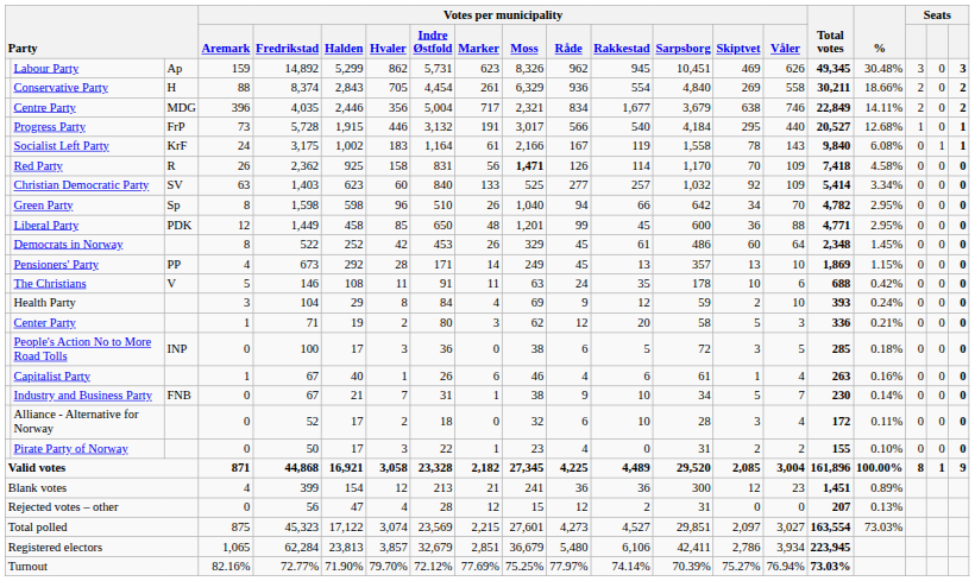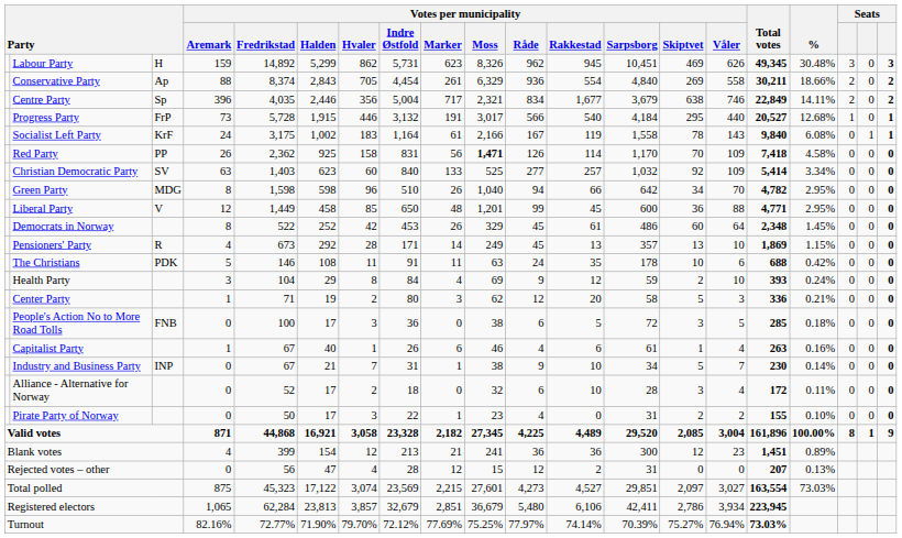 <table class="wikitable" border="1" style="text-align:right;">
 <tr>
 <th style="text-align:left;" valign=bottom rowspan=2 colspan=3>Party</th>
 <th colspan=12>Votes per municipality</th>
 <th align=center valign=bottom rowspan=2 width="50">Total<br>votes</th>
 <th align=center valign=bottom rowspan=2 width="50">%</th>
 <th colspan=3>Seats</th>
 </tr>
 <tr>
 <th align=center valign=bottom width="50"><a href='#'>Aremark</a></th>
 <th align=center valign=bottom width="50"><a href='#'>Fredrikstad</a></th>
 <th align=center valign=bottom width="50"><a href='#'>Halden</a></th>
 <th align=center valign=bottom width="50"><a href='#'>Hvaler</a></th>
 <th align=center valign=bottom width="50"><a href='#'>Indre<br>Østfold</a></th>
 <th align=center valign=bottom width="50"><a href='#'>Marker</a></th>
 <th align=center valign=bottom width="50"><a href='#'>Moss</a></th>
 <th align=center valign=bottom width="50"><a href='#'>Råde</a></th>
 <th align=center valign=bottom width="50"><a href='#'>Rakkestad</a></th>
 <th align=center valign=bottom width="50"><a href='#'>Sarpsborg</a></th>
 <th align=center valign=bottom width="50"><a href='#'>Skiptvet</a></th>
 <th align=center valign=bottom width="50"><a href='#'>Våler</a></th>
 <th align=center valign=bottom width="20"><small></small></th>
 <th align=center valign=bottom width="20"><small><a href='#'></a></small></th>
 <th align=center valign=bottom width="20"><small></small></th>
 </tr>
 <tr>
 <td style="color:inherit;background:"></td>
 <td align=left><a href='#'>Labour Party</a></td>
-<td align=left>Ap</td>
+<td align=left>H</td>
 <td>159</td>
 <td>14,892</td>
 <td>5,299</td>
 <td>862</td>
 <td>5,731</td>
 <td>623</td>
 <td>8,326</td>
 <td>962</td>
 <td>945</td>
 <td>10,451</td>
 <td>469</td>
 <td>626</td>
 <td><strong>49,345</strong></td>
 <td>30.48%</td>
 <td>3</td>
 <td>0</td>
 <td><strong>3</strong></td>
 </tr>
 <tr>
 <td style="color:inherit;background:"></td>
 <td align=left><a href='#'>Conservative Party</a></td>
-<td align=left>H</td>
+<td align=left>Ap</td>
 <td>88</td>
 <td>8,374</td>
 <td>2,843</td>
 <td>705</td>
 <td>4,454</td>
 <td>261</td>
 <td>6,329</td>
 <td>936</td>
 <td>554</td>
 <td>4,840</td>
 <td>269</td>
 <td>558</td>
 <td><strong>30,211</strong></td>
 <td>18.66%</td>
 <td>2</td>
 <td>0</td>
 <td><strong>2</strong></td>
 </tr>
 <tr>
 <td style="color:inherit;background:"></td>
 <td align=left><a href='#'>Centre Party</a></td>
-<td align=left>MDG</td>
+<td align=left>Sp</td>
 <td>396</td>
 <td>4,035</td>
 <td>2,446</td>
 <td>356</td>
 <td>5,004</td>
 <td>717</td>
 <td>2,321</td>
 <td>834</td>
 <td>1,677</td>
 <td>3,679</td>
 <td>638</td>
 <td>746</td>
 <td><strong>22,849</strong></td>
 <td>14.11%</td>
 <td>2</td>
 <td>0</td>
 <td><strong>2</strong></td>
 </tr>
 <tr>
 <td style="color:inherit;background:"></td>
 <td align=left><a href='#'>Progress Party</a></td>
 <td align=left>FrP</td>
 <td>73</td>
 <td>5,728</td>
 <td>1,915</td>
 <td>446</td>
 <td>3,132</td>
 <td>191</td>
 <td>3,017</td>
 <td>566</td>
 <td>540</td>
 <td>4,184</td>
 <td>295</td>
 <td>440</td>
 <td><strong>20,527</strong></td>
 <td>12.68%</td>
 <td>1</td>
 <td>0</td>
 <td><strong>1</strong></td>
 </tr>
 <tr>
 <td style="color:inherit;background:"></td>
 <td align=left><a href='#'>Socialist Left Party</a></td>
 <td align=left>KrF</td>
 <td>24</td>
 <td>3,175</td>
 <td>1,002</td>
 <td>183</td>
 <td>1,164</td>
 <td>61</td>
 <td>2,166</td>
 <td>167</td>
 <td>119</td>
 <td>1,558</td>
 <td>78</td>
 <td>143</td>
 <td><strong>9,840</strong></td>
 <td>6.08%</td>
 <td>0</td>
 <td>1</td>
 <td><strong>1</strong></td>
 </tr>
 <tr>
 <td style="color:inherit;background:"></td>
 <td align=left><a href='#'>Red Party</a></td>
-<td align=left>R</td>
+<td align=left>PP</td>
 <td>26</td>
 <td>2,362</td>
 <td>925</td>
 <td>158</td>
 <td>831</td>
 <td>56</td>
 <td><strong>1,471</strong></td>
 <td>126</td>
 <td>114</td>
 <td>1,170</td>
 <td>70</td>
 <td>109</td>
 <td><strong>7,418</strong></td>
 <td>4.58%</td>
 <td>0</td>
 <td>0</td>
 <td><strong>0</strong></td>
 </tr>
 <tr>
 <td style="color:inherit;background:"></td>
 <td align=left><a href='#'>Christian Democratic Party</a></td>
 <td align=left>SV</td>
 <td>63</td>
 <td>1,403</td>
 <td>623</td>
 <td>60</td>
 <td>840</td>
 <td>133</td>
 <td>525</td>
 <td>277</td>
 <td>257</td>
 <td>1,032</td>
 <td>92</td>
 <td>109</td>
 <td><strong>5,414</strong></td>
 <td>3.34%</td>
 <td>0</td>
 <td>0</td>
 <td><strong>0</strong></td>
 </tr>
 <tr>
 <td style="color:inherit;background:"></td>
 <td align=left><a href='#'>Green Party</a></td>
-<td align=left>Sp</td>
+<td align=left>MDG</td>
 <td>8</td>
 <td>1,598</td>
 <td>598</td>
 <td>96</td>
 <td>510</td>
 <td>26</td>
 <td>1,040</td>
 <td>94</td>
 <td>66</td>
 <td>642</td>
 <td>34</td>
 <td>70</td>
 <td><strong>4,782</strong></td>
 <td>2.95%</td>
 <td>0</td>
 <td>0</td>
 <td><strong>0</strong></td>
 </tr>
 <tr>
 <td style="color:inherit;background:"></td>
 <td align=left><a href='#'>Liberal Party</a></td>
-<td align=left>PDK</td>
+<td align=left>V</td>
 <td>12</td>
 <td>1,449</td>
 <td>458</td>
 <td>85</td>
 <td>650</td>
 <td>48</td>
 <td>1,201</td>
 <td>99</td>
 <td>45</td>
 <td>600</td>
 <td>36</td>
 <td>88</td>
 <td><strong>4,771</strong></td>
 <td>2.95%</td>
 <td>0</td>
 <td>0</td>
 <td><strong>0</strong></td>
 </tr>
 <tr>
 <td style="color:inherit;background:"></td>
 <td align=left><a href='#'>Democrats in Norway</a></td>
 <td align=left></td>
 <td>8</td>
 <td>522</td>
 <td>252</td>
 <td>42</td>
 <td>453</td>
 <td>26</td>
 <td>329</td>
 <td>45</td>
 <td>61</td>
 <td>486</td>
 <td>60</td>
 <td>64</td>
 <td><strong>2,348</strong></td>
 <td>1.45%</td>
 <td>0</td>
 <td>0</td>
 <td><strong>0</strong></td>
 </tr>
 <tr>
 <td style="color:inherit;background:"></td>
 <td align=left><a href='#'>Pensioners' Party</a></td>
-<td align=left>PP</td>
+<td align=left>R</td>
 <td>4</td>
 <td>673</td>
 <td>292</td>
 <td>28</td>
 <td>171</td>
 <td>14</td>
 <td>249</td>
 <td>45</td>
 <td>13</td>
 <td>357</td>
 <td>13</td>
 <td>10</td>
 <td><strong>1,869</strong></td>
 <td>1.15%</td>
 <td>0</td>
 <td>0</td>
 <td><strong>0</strong></td>
 </tr>
 <tr>
 <td style="color:inherit;background:"></td>
 <td align=left><a href='#'>The Christians</a></td>
-<td align=left>V</td>
+<td align=left>PDK</td>
 <td>5</td>
 <td>146</td>
 <td>108</td>
 <td>11</td>
 <td>91</td>
 <td>11</td>
 <td>63</td>
 <td>24</td>
 <td>35</td>
 <td>178</td>
 <td>10</td>
 <td>6</td>
 <td><strong>688</strong></td>
 <td>0.42%</td>
 <td>0</td>
 <td>0</td>
 <td><strong>0</strong></td>
 </tr>
 <tr>
 <td></td>
 <td align=left>Health Party</td>
 <td align=left></td>
 <td>3</td>
 <td>104</td>
 <td>29</td>
 <td>8</td>
 <td>84</td>
 <td>4</td>
 <td>69</td>
 <td>9</td>
 <td>12</td>
 <td>59</td>
 <td>2</td>
 <td>10</td>
 <td><strong>393</strong></td>
 <td>0.24%</td>
 <td>0</td>
 <td>0</td>
 <td><strong>0</strong></td>
 </tr>
 <tr>
 <td style="color:inherit;background:"></td>
 <td align=left><a href='#'>Center Party</a></td>
 <td align=left></td>
 <td>1</td>
 <td>71</td>
 <td>19</td>
 <td>2</td>
 <td>80</td>
 <td>3</td>
 <td>62</td>
 <td>12</td>
 <td>20</td>
 <td>58</td>
 <td>5</td>
 <td>3</td>
 <td><strong>336</strong></td>
 <td>0.21%</td>
 <td>0</td>
 <td>0</td>
 <td><strong>0</strong></td>
 </tr>
 <tr>
 <td style="color:inherit;background:"></td>
 <td align=left><a href='#'>People's Action No to More Road Tolls</a></td>
-<td align=left>INP</td>
+<td align=left>FNB</td>
 <td>0</td>
 <td>100</td>
 <td>17</td>
 <td>3</td>
 <td>36</td>
 <td>0</td>
 <td>38</td>
 <td>6</td>
 <td>5</td>
 <td>72</td>
 <td>3</td>
 <td>5</td>
 <td><strong>285</strong></td>
 <td>0.18%</td>
 <td>0</td>
 <td>0</td>
 <td><strong>0</strong></td>
 </tr>
 <tr>
 <td style="color:inherit;background:"></td>
 <td align=left><a href='#'>Capitalist Party</a></td>
 <td align=left></td>
 <td>1</td>
 <td>67</td>
 <td>40</td>
 <td>1</td>
 <td>26</td>
 <td>6</td>
 <td>46</td>
 <td>4</td>
 <td>6</td>
 <td>61</td>
 <td>1</td>
 <td>4</td>
 <td><strong>263</strong></td>
 <td>0.16%</td>
 <td>0</td>
 <td>0</td>
 <td><strong>0</strong></td>
 </tr>
 <tr>
 <td style="color:inherit;background:"></td>
 <td align=left><a href='#'>Industry and Business Party</a></td>
-<td align=left>FNB</td>
+<td align=left>INP</td>
 <td>0</td>
 <td>67</td>
 <td>21</td>
 <td>7</td>
 <td>31</td>
 <td>1</td>
 <td>38</td>
 <td>9</td>
 <td>10</td>
 <td>34</td>
 <td>5</td>
 <td>7</td>
 <td><strong>230</strong></td>
 <td>0.14%</td>
 <td>0</td>
 <td>0</td>
 <td><strong>0</strong></td>
 </tr>
 <tr>
 <td></td>
 <td align=left>Alliance - Alternative for Norway</td>
 <td align=left></td>
 <td>0</td>
 <td>52</td>
 <td>17</td>
 <td>2</td>
 <td>18</td>
 <td>0</td>
 <td>32</td>
 <td>6</td>
 <td>10</td>
 <td>28</td>
 <td>3</td>
 <td>4</td>
 <td><strong>172</strong></td>
 <td>0.11%</td>
 <td>0</td>
 <td>0</td>
 <td><strong>0</strong></td>
 </tr>
 <tr>
 <td style="color:inherit;background:"></td>
 <td align=left><a href='#'>Pirate Party of Norway</a></td>
 <td align=left></td>
 <td>0</td>
 <td>50</td>
 <td>17</td>
 <td>3</td>
 <td>22</td>
 <td>1</td>
 <td>23</td>
 <td>4</td>
 <td>0</td>
 <td>31</td>
 <td>2</td>
 <td>2</td>
 <td><strong>155</strong></td>
 <td>0.10%</td>
 <td>0</td>
 <td>0</td>
 <td><strong>0</strong></td>
 </tr>
 <tr style="font-weight:bold">
 <td align=left colspan=3>Valid votes</td>
 <td>871</td>
 <td>44,868</td>
 <td>16,921</td>
 <td>3,058</td>
 <td>23,328</td>
 <td>2,182</td>
 <td>27,345</td>
 <td>4,225</td>
 <td>4,489</td>
 <td>29,520</td>
 <td>2,085</td>
 <td>3,004</td>
 <td>161,896</td>
 <td>100.00%</td>
 <td>8</td>
 <td>1</td>
 <td>9</td>
 </tr>
 <tr>
 <td align=left colspan=3>Blank votes</td>
 <td>4</td>
 <td>399</td>
 <td>154</td>
 <td>12</td>
 <td>213</td>
 <td>21</td>
 <td>241</td>
 <td>36</td>
 <td>36</td>
 <td>300</td>
 <td>12</td>
 <td>23</td>
 <td><strong>1,451</strong></td>
 <td>0.89%</td>
 <td></td>
 <td></td>
 <td></td>
 </tr>
 <tr>
 <td align=left colspan=3>Rejected votes – other</td>
 <td>0</td>
 <td>56</td>
 <td>47</td>
 <td>4</td>
 <td>28</td>
 <td>12</td>
 <td>15</td>
 <td>12</td>
 <td>2</td>
 <td>31</td>
 <td>0</td>
 <td>0</td>
 <td><strong>207</strong></td>
 <td>0.13%</td>
 <td></td>
 <td></td>
 <td></td>
 </tr>
 <tr>
 <td align=left colspan=3>Total polled</td>
 <td>875</td>
 <td>45,323</td>
 <td>17,122</td>
 <td>3,074</td>
 <td>23,569</td>
 <td>2,215</td>
 <td>27,601</td>
 <td>4,273</td>
 <td>4,527</td>
 <td>29,851</td>
 <td>2,097</td>
 <td>3,027</td>
 <td><strong>163,554</strong></td>
 <td>73.03%</td>
 <td></td>
 <td></td>
 <td></td>
 </tr>
 <tr>
 <td align=left colspan=3>Registered electors</td>
 <td>1,065</td>
 <td>62,284</td>
 <td>23,813</td>
 <td>3,857</td>
 <td>32,679</td>
 <td>2,851</td>
 <td>36,679</td>
 <td>5,480</td>
 <td>6,106</td>
 <td>42,411</td>
 <td>2,786</td>
 <td>3,934</td>
 <td><strong>223,945</strong></td>
 <td></td>
 <td></td>
 <td></td>
 <td></td>
 </tr>
 <tr>
 <td align=left colspan=3>Turnout</td>
 <td>82.16%</td>
 <td>72.77%</td>
 <td>71.90%</td>
 <td>79.70%</td>
 <td>72.12%</td>
 <td>77.69%</td>
 <td>75.25%</td>
 <td>77.97%</td>
 <td>74.14%</td>
 <td>70.39%</td>
 <td>75.27%</td>
 <td>76.94%</td>
 <td><strong>73.03%</strong></td>
 <td></td>
 <td></td>
 <td></td>
 <td></td>
 </tr>
 </table>
